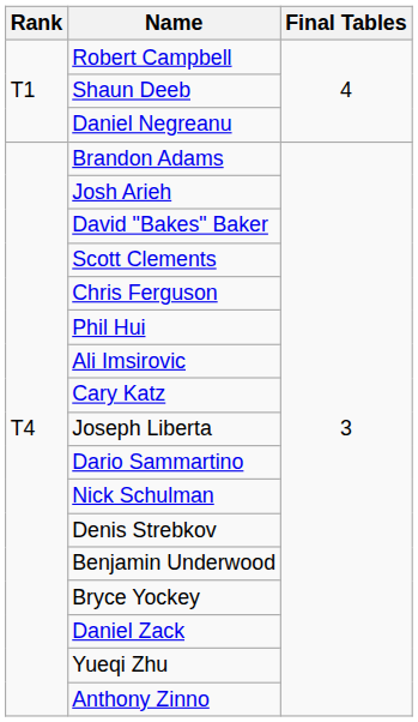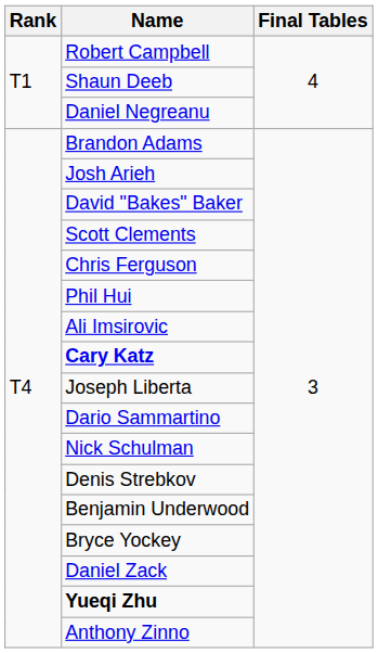 <table class="wikitable" style="display: inline-table;">
 <tr>
 <th>Rank</th>
 <th>Name</th>
 <th>Final Tables</th>
 </tr>
 <tr>
 <td rowspan=3>T1</td>
 <td> <a href='#'>Robert Campbell</a></td>
 <td rowspan=3 align=center>4</td>
 </tr>
 <tr>
 <td> <a href='#'>Shaun Deeb</a></td>
 </tr>
 <tr>
 <td> <a href='#'>Daniel Negreanu</a></td>
 </tr>
 <tr>
 <td rowspan=17>T4</td>
 <td> <a href='#'>Brandon Adams</a></td>
 <td rowspan=17 align=center>3</td>
 </tr>
 <tr>
 <td> <a href='#'>Josh Arieh</a></td>
 </tr>
 <tr>
 <td> <a href='#'>David "Bakes" Baker</a></td>
 </tr>
 <tr>
 <td> <a href='#'>Scott Clements</a></td>
 </tr>
 <tr>
 <td> <a href='#'>Chris Ferguson</a></td>
 </tr>
 <tr>
 <td> <a href='#'>Phil Hui</a></td>
 </tr>
 <tr>
 <td> <a href='#'>Ali Imsirovic</a></td>
 </tr>
 <tr>
-<td> <a href='#'>Cary Katz</a></td>
+<td><strong> <a href='#'>Cary Katz</a></strong></td>
 </tr>
 <tr>
 <td> Joseph Liberta</td>
 </tr>
 <tr>
 <td> <a href='#'>Dario Sammartino</a></td>
 </tr>
 <tr>
 <td> <a href='#'>Nick Schulman</a></td>
 </tr>
 <tr>
 <td> Denis Strebkov</td>
 </tr>
 <tr>
 <td> Benjamin Underwood</td>
 </tr>
 <tr>
 <td> Bryce Yockey</td>
 </tr>
 <tr>
 <td> <a href='#'>Daniel Zack</a></td>
 </tr>
 <tr>
-<td> Yueqi Zhu</td>
+<td><strong> Yueqi Zhu</strong></td>
 </tr>
 <tr>
 <td> <a href='#'>Anthony Zinno</a></td>
 </tr>
 </table>
